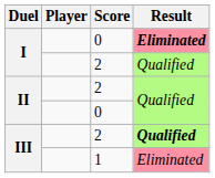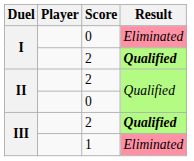 <table class="wikitable sortable">
 <tr>
 <th>Duel</th>
 <th>Player</th>
 <th>Score</th>
 <th>Result</th>
 </tr>
 <tr>
 <th rowspan="2" class="unsortable">I</th>
 <td></td>
 <td>0</td>
-<td style="background:#FF91A4"><strong><em>Eliminated</em></strong></td>
+<td style="background:#FF91A4"><em>Eliminated</em></td>
 </tr>
 <tr>
 <td></td>
 <td>2</td>
-<td style="background:#B4FB84"><em>Qualified</em></td>
+<td style="background:#B4FB84"><strong><em>Qualified</em></strong></td>
 </tr>
 <tr>
 <th rowspan="2" class="unsortable">II</th>
 <td></td>
 <td>2</td>
 <td rowspan=2 style="background:#B4FB84"><em>Qualified</em></td>
 </tr>
 <tr>
 <td></td>
 <td>0</td>
 </tr>
 <tr>
 <th rowspan="2" class="unsortable">III</th>
 <td></td>
 <td>2</td>
 <td style="background:#B4FB84"><strong><em>Qualified</em></strong></td>
 </tr>
 <tr>
 <td></td>
 <td>1</td>
 <td style="background:#FF91A4"><em>Eliminated</em></td>
 </tr>
 </table>
